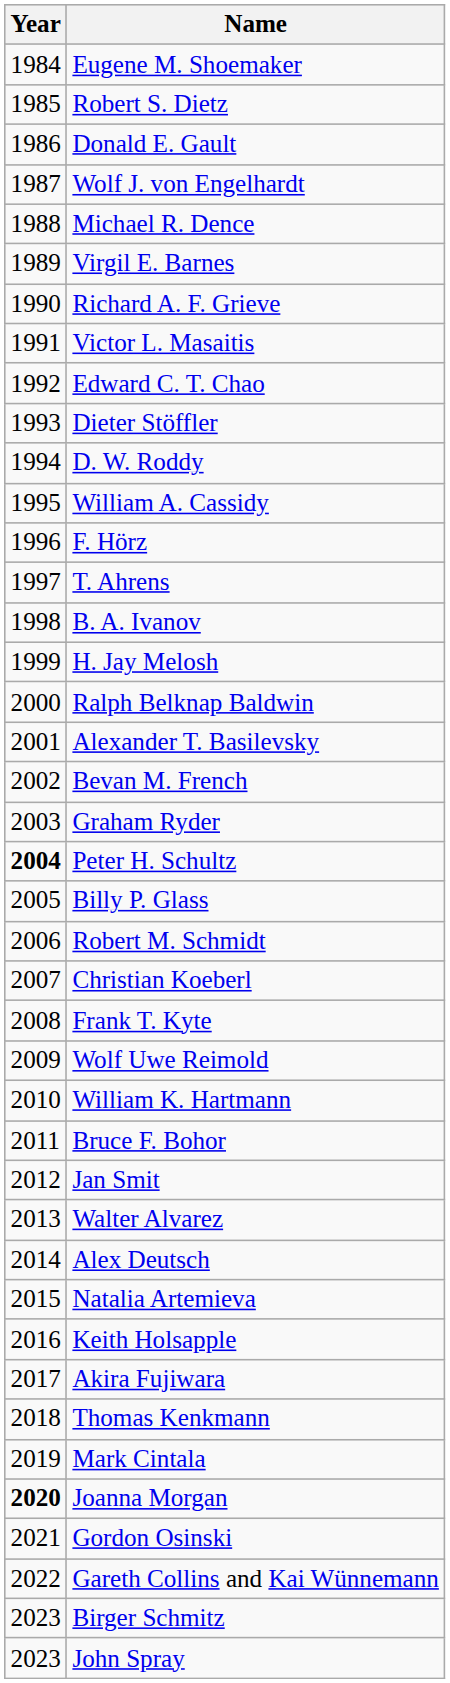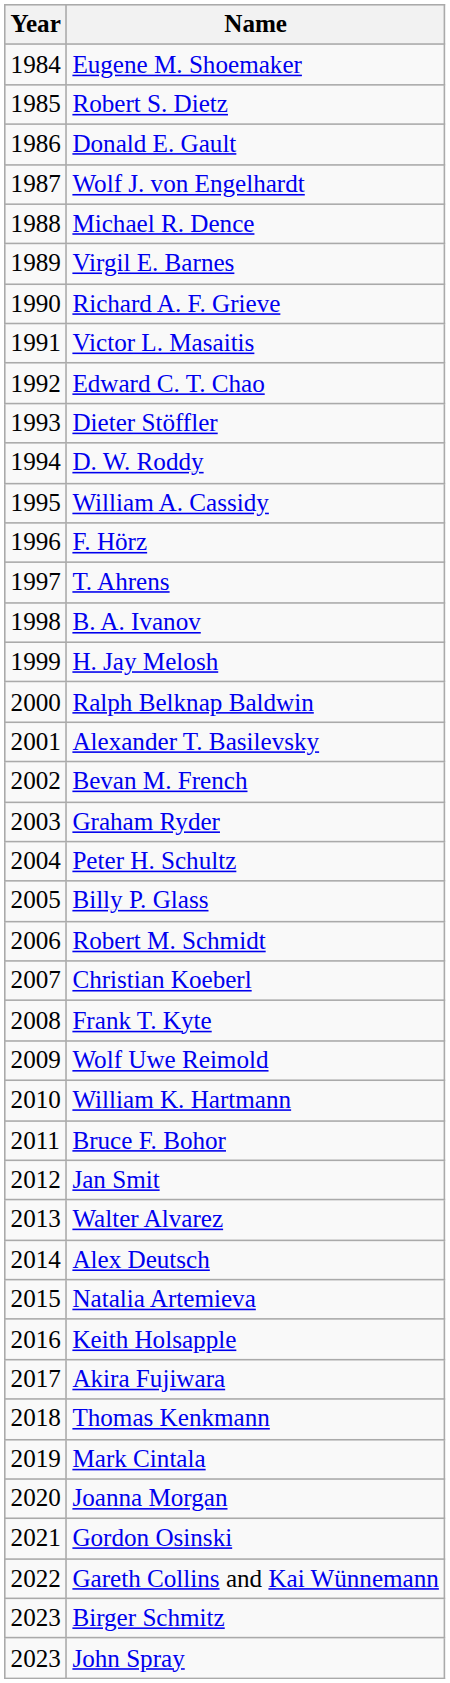 <table class="wikitable"|+Barringer Medal Winners>
 <tr>
 <th>Year</th>
 <th>Name</th>
 </tr>
 <tr>
 <td>1984</td>
 <td><a href='#'>Eugene M. Shoemaker</a></td>
 </tr>
 <tr>
 <td>1985</td>
 <td><a href='#'>Robert S. Dietz</a></td>
 </tr>
 <tr>
 <td>1986</td>
 <td><a href='#'>Donald E. Gault</a></td>
 </tr>
 <tr>
 <td>1987</td>
 <td><a href='#'>Wolf J. von Engelhardt</a></td>
 </tr>
 <tr>
 <td>1988</td>
 <td><a href='#'>Michael R. Dence</a></td>
 </tr>
 <tr>
 <td>1989</td>
 <td><a href='#'>Virgil E. Barnes</a></td>
 </tr>
 <tr>
 <td>1990</td>
 <td><a href='#'>Richard A. F. Grieve</a></td>
 </tr>
 <tr>
 <td>1991</td>
 <td><a href='#'>Victor L. Masaitis</a></td>
 </tr>
 <tr>
 <td>1992</td>
 <td><a href='#'>Edward C. T. Chao</a></td>
 </tr>
 <tr>
 <td>1993</td>
 <td><a href='#'>Dieter Stöffler</a></td>
 </tr>
 <tr>
 <td>1994</td>
 <td><a href='#'>D. W. Roddy</a></td>
 </tr>
 <tr>
 <td>1995</td>
 <td><a href='#'>William A. Cassidy</a></td>
 </tr>
 <tr>
 <td>1996</td>
 <td><a href='#'>F. Hörz</a></td>
 </tr>
 <tr>
 <td>1997</td>
 <td><a href='#'>T. Ahrens</a></td>
 </tr>
 <tr>
 <td>1998</td>
 <td><a href='#'>B. A. Ivanov</a></td>
 </tr>
 <tr>
 <td>1999</td>
 <td><a href='#'>H. Jay Melosh</a></td>
 </tr>
 <tr>
 <td>2000</td>
 <td><a href='#'>Ralph Belknap Baldwin</a></td>
 </tr>
 <tr>
 <td>2001</td>
 <td><a href='#'>Alexander T. Basilevsky</a></td>
 </tr>
 <tr>
 <td>2002</td>
 <td><a href='#'>Bevan M. French</a></td>
 </tr>
 <tr>
 <td>2003</td>
 <td><a href='#'>Graham Ryder</a></td>
 </tr>
 <tr>
-<td><strong>2004</strong></td>
+<td>2004</td>
 <td><a href='#'>Peter H. Schultz</a></td>
 </tr>
 <tr>
 <td>2005</td>
 <td><a href='#'>Billy P. Glass</a></td>
 </tr>
 <tr>
 <td>2006</td>
 <td><a href='#'>Robert M. Schmidt</a></td>
 </tr>
 <tr>
 <td>2007</td>
 <td><a href='#'>Christian Koeberl</a></td>
 </tr>
 <tr>
 <td>2008</td>
 <td><a href='#'>Frank T. Kyte</a></td>
 </tr>
 <tr>
 <td>2009</td>
 <td><a href='#'>Wolf Uwe Reimold</a></td>
 </tr>
 <tr>
 <td>2010</td>
 <td><a href='#'>William K. Hartmann</a></td>
 </tr>
 <tr>
 <td>2011</td>
 <td><a href='#'>Bruce F. Bohor</a></td>
 </tr>
 <tr>
 <td>2012</td>
 <td><a href='#'>Jan Smit</a></td>
 </tr>
 <tr>
 <td>2013</td>
 <td><a href='#'>Walter Alvarez</a></td>
 </tr>
 <tr>
 <td>2014</td>
 <td><a href='#'>Alex Deutsch</a></td>
 </tr>
 <tr>
 <td>2015</td>
 <td><a href='#'>Natalia Artemieva</a></td>
 </tr>
 <tr>
 <td>2016</td>
 <td><a href='#'>Keith Holsapple</a></td>
 </tr>
 <tr>
 <td>2017</td>
 <td><a href='#'>Akira Fujiwara</a></td>
 </tr>
 <tr>
 <td>2018</td>
 <td><a href='#'>Thomas Kenkmann</a></td>
 </tr>
 <tr>
 <td>2019</td>
 <td><a href='#'>Mark Cintala</a></td>
 </tr>
 <tr>
-<td><strong>2020</strong></td>
+<td>2020</td>
 <td><a href='#'>Joanna Morgan</a></td>
 </tr>
 <tr>
 <td>2021</td>
 <td><a href='#'>Gordon Osinski</a></td>
 </tr>
 <tr>
 <td>2022</td>
 <td><a href='#'>Gareth Collins</a> and <a href='#'>Kai Wünnemann</a></td>
 </tr>
 <tr>
 <td>2023</td>
 <td><a href='#'>Birger Schmitz</a></td>
 </tr>
 <tr>
 <td>2023</td>
 <td><a href='#'>John Spray</a></td>
 </tr>
 </table>
